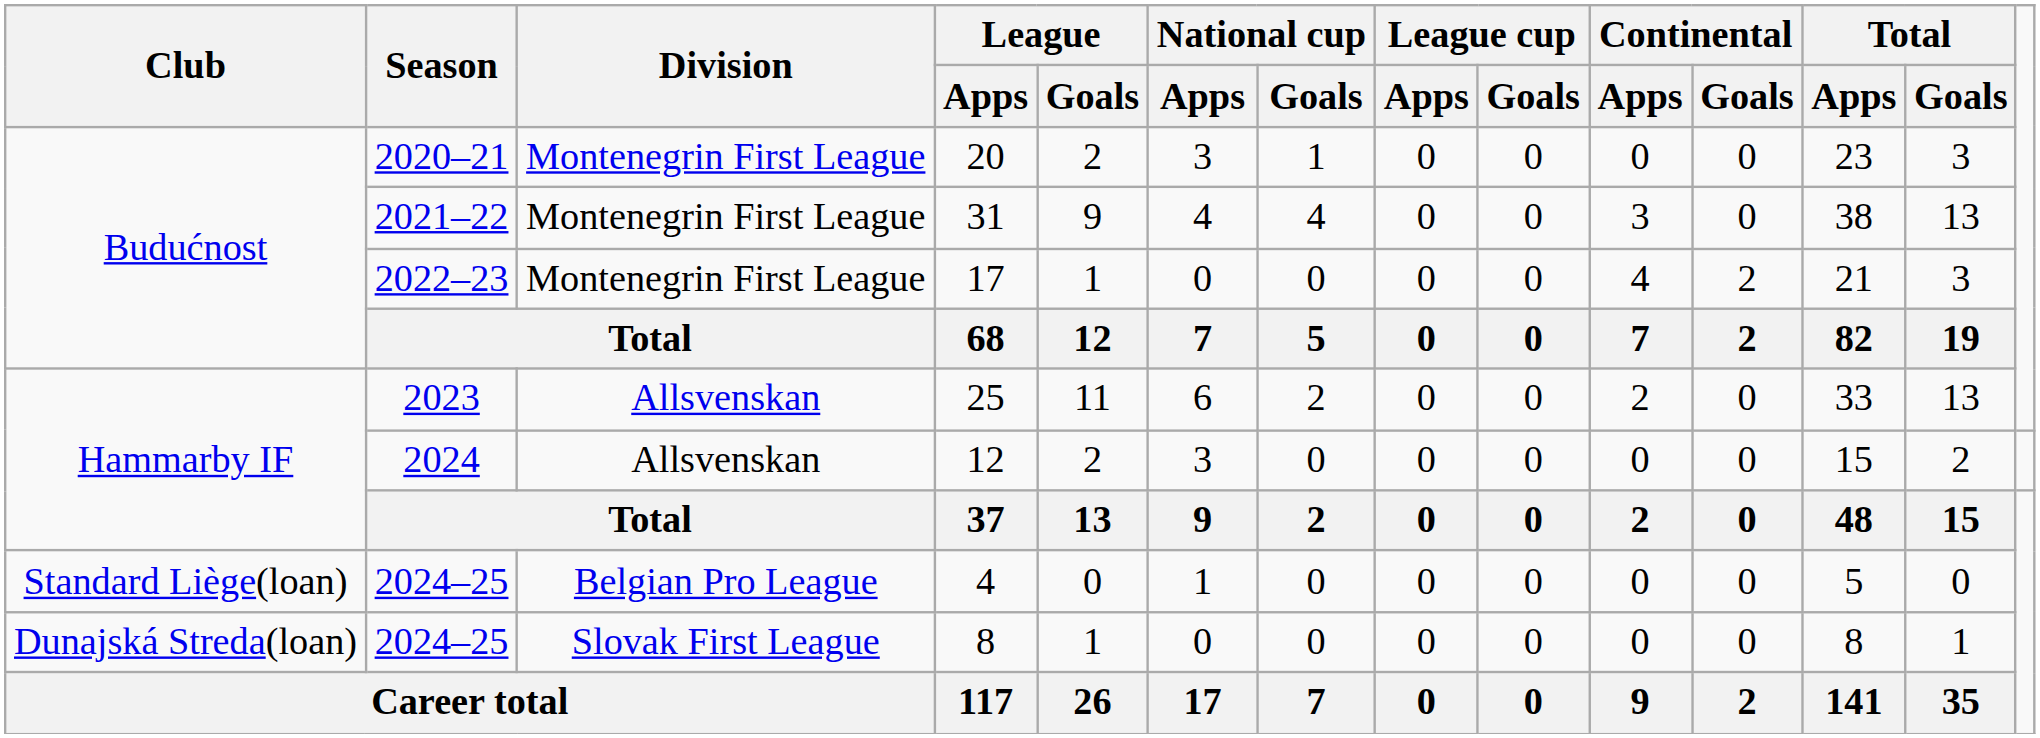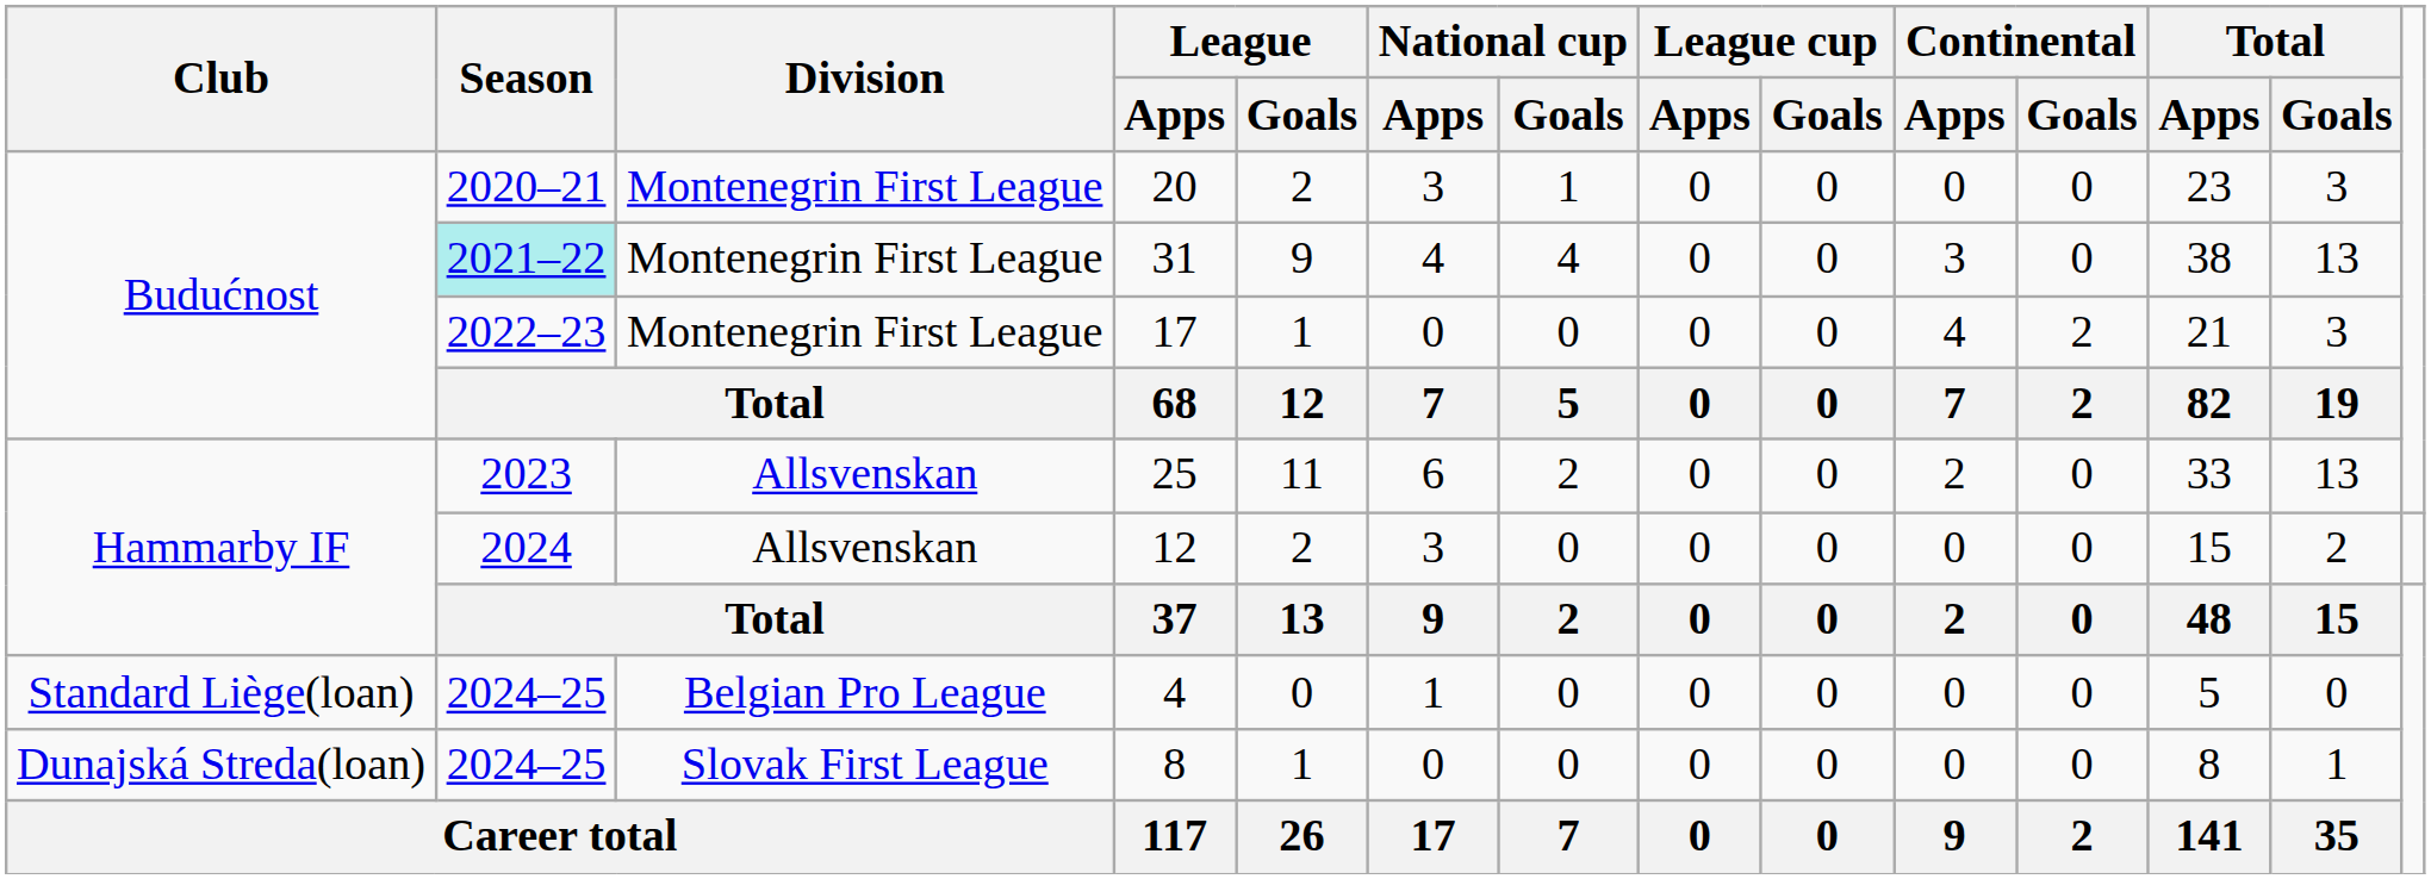 <table class="wikitable" style="text-align:center">
 <tr>
 <th rowspan="2">Club</th>
 <th rowspan="2">Season</th>
 <th rowspan="2">Division</th>
 <th colspan="2">League</th>
 <th colspan="2">National cup</th>
 <th colspan="2">League cup</th>
 <th colspan="2">Continental</th>
 <th colspan="2">Total</th>
 </tr>
 <tr>
 <th>Apps</th>
 <th>Goals</th>
 <th>Apps</th>
 <th>Goals</th>
 <th>Apps</th>
 <th>Goals</th>
 <th>Apps</th>
 <th>Goals</th>
 <th>Apps</th>
 <th>Goals</th>
 </tr>
 <tr>
 <td rowspan=4><a href='#'>Budućnost</a></td>
 <td><a href='#'>2020–21</a></td>
 <td><a href='#'>Montenegrin First League</a></td>
 <td>20</td>
 <td>2</td>
 <td>3</td>
 <td>1</td>
 <td>0</td>
 <td>0</td>
 <td>0</td>
 <td>0</td>
 <td>23</td>
 <td>3</td>
 </tr>
 <tr>
-<td><a href='#'>2021–22</a></td>
+<td style="background: paleturquoise;"><a href='#'>2021–22</a></td>
 <td>Montenegrin First League</td>
 <td>31</td>
 <td>9</td>
 <td>4</td>
 <td>4</td>
 <td>0</td>
 <td>0</td>
 <td>3</td>
 <td>0</td>
 <td>38</td>
 <td>13</td>
 </tr>
 <tr>
 <td><a href='#'>2022–23</a></td>
 <td>Montenegrin First League</td>
 <td>17</td>
 <td>1</td>
 <td>0</td>
 <td>0</td>
 <td>0</td>
 <td>0</td>
 <td>4</td>
 <td>2</td>
 <td>21</td>
 <td>3</td>
 </tr>
 <tr>
 <th colspan="2">Total</th>
 <th>68</th>
 <th>12</th>
 <th>7</th>
 <th>5</th>
 <th>0</th>
 <th>0</th>
 <th>7</th>
 <th>2</th>
 <th>82</th>
 <th>19</th>
 </tr>
 <tr>
 <td rowspan=3><a href='#'>Hammarby IF</a></td>
 <td><a href='#'>2023</a></td>
 <td><a href='#'>Allsvenskan</a></td>
 <td>25</td>
 <td>11</td>
 <td>6</td>
 <td>2</td>
 <td>0</td>
 <td>0</td>
 <td>2</td>
 <td>0</td>
 <td>33</td>
 <td>13</td>
 </tr>
 <tr>
 <td><a href='#'>2024</a></td>
 <td>Allsvenskan</td>
 <td>12</td>
 <td>2</td>
 <td>3</td>
 <td>0</td>
 <td>0</td>
 <td>0</td>
 <td>0</td>
 <td>0</td>
 <td>15</td>
 <td>2</td>
 <td></td>
 </tr>
 <tr>
 <th colspan="2">Total</th>
 <th>37</th>
 <th>13</th>
 <th>9</th>
 <th>2</th>
 <th>0</th>
 <th>0</th>
 <th>2</th>
 <th>0</th>
 <th>48</th>
 <th>15</th>
 </tr>
 <tr>
 <td rowspan=1><a href='#'>Standard Liège</a>(loan)</td>
 <td><a href='#'>2024–25</a></td>
 <td><a href='#'>Belgian Pro League</a></td>
 <td>4</td>
 <td>0</td>
 <td>1</td>
 <td>0</td>
 <td>0</td>
 <td>0</td>
 <td>0</td>
 <td>0</td>
 <td>5</td>
 <td>0</td>
 </tr>
 <tr>
 <td rowspan=1><a href='#'>Dunajská Streda</a>(loan)</td>
 <td><a href='#'>2024–25</a></td>
 <td><a href='#'>Slovak First League</a></td>
 <td>8</td>
 <td>1</td>
 <td>0</td>
 <td>0</td>
 <td>0</td>
 <td>0</td>
 <td>0</td>
 <td>0</td>
 <td>8</td>
 <td>1</td>
 </tr>
 <tr>
 <th colspan=3>Career total</th>
 <th>117</th>
 <th>26</th>
 <th>17</th>
 <th>7</th>
 <th>0</th>
 <th>0</th>
 <th>9</th>
 <th>2</th>
 <th>141</th>
 <th>35</th>
 </tr>
 </table>
